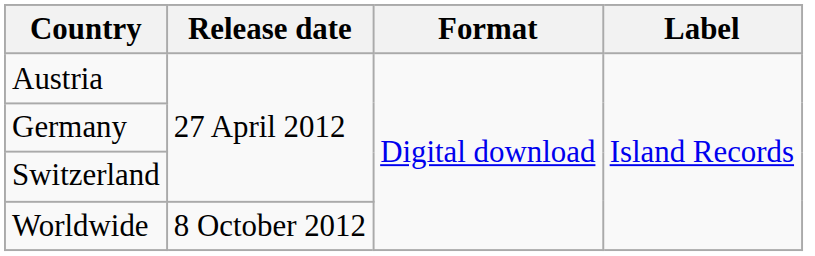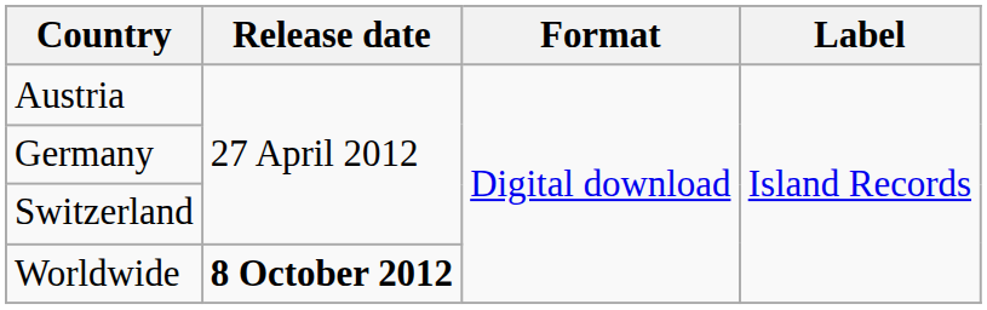 <table class="wikitable plainrowheaders">
 <tr>
 <th scope="col">Country</th>
 <th scope="col">Release date</th>
 <th scope="col">Format</th>
 <th scope="col">Label</th>
 </tr>
 <tr>
 <td>Austria</td>
 <td rowspan="3">27 April 2012</td>
 <td rowspan="4"><a href='#'>Digital download</a></td>
 <td rowspan="4"><a href='#'>Island Records</a></td>
 </tr>
 <tr>
 <td>Germany</td>
 </tr>
 <tr>
 <td>Switzerland</td>
 </tr>
 <tr>
 <td>Worldwide</td>
-<td>8 October 2012</td>
+<td><strong>8 October 2012</strong></td>
 </tr>
 </table>
